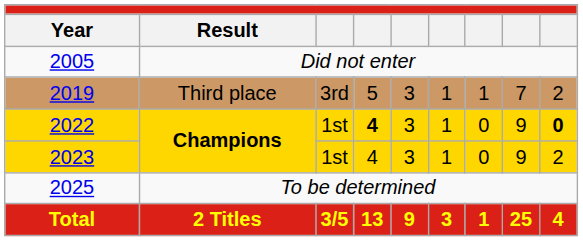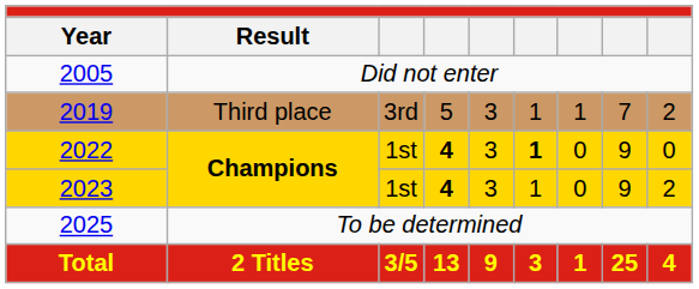 <table class="wikitable" style="text-align: center;font-size:90%;">
 <tr>
 <th colspan="9" style="background: #DB2017; color: #FFFF00;"><a href='#'></a></th>
 </tr>
 <tr>
 <th width="90">Year</th>
 <th width="120">Result</th>
 <th width="20"></th>
 <th width="20"></th>
 <th width="20"></th>
 <th width="20"></th>
 <th width="20"></th>
 <th width="20"></th>
 <th width="20"></th>
 </tr>
 <tr>
 <td> <a href='#'>2005</a></td>
 <td colspan="8" rowspan="1"><em>Did not enter</em></td>
 </tr>
 <tr style="background-color:#cc9966;">
 <td> <a href='#'>2019</a></td>
 <td>Third place</td>
 <td>3rd</td>
 <td>5</td>
 <td>3</td>
 <td>1</td>
 <td>1</td>
 <td>7</td>
 <td>2</td>
 </tr>
 <tr style="background-color:gold;">
 <td> <a href='#'>2022</a></td>
 <td rowspan="2"><strong>Champions</strong></td>
 <td>1st</td>
 <td><strong>4</strong></td>
 <td>3</td>
-<td>1</td>
+<td><strong>1</strong></td>
 <td>0</td>
 <td>9</td>
-<td><strong>0</strong></td>
+<td>0</td>
 </tr>
 <tr style="background-color:gold;">
 <td> <a href='#'>2023</a></td>
 <td>1st</td>
-<td>4</td>
+<td><strong>4</strong></td>
 <td>3</td>
 <td>1</td>
 <td>0</td>
 <td>9</td>
 <td>2</td>
 </tr>
 <tr>
 <td> <a href='#'>2025</a></td>
 <td colspan="8"><em>To be determined</em></td>
 </tr>
 <tr>
 <td colspan="1" style="background: #DB2017; color: #FFFF00;"><strong>Total</strong></td>
 <td style="background: #DB2017; color: #FFFF00;"><strong>2 Titles</strong></td>
 <td style="background: #DB2017; color: #FFFF00;"><strong>3/5</strong></td>
 <td style="background: #DB2017; color: #FFFF00;"><strong>13</strong></td>
 <td style="background: #DB2017; color: #FFFF00;"><strong>9</strong></td>
 <td style="background: #DB2017; color: #FFFF00;"><strong>3</strong></td>
 <td style="background: #DB2017; color: #FFFF00;"><strong>1</strong></td>
 <td style="background: #DB2017; color: #FFFF00;"><strong>25</strong></td>
 <td style="background: #DB2017; color: #FFFF00;"><strong>4</strong></td>
 </tr>
 </table>
